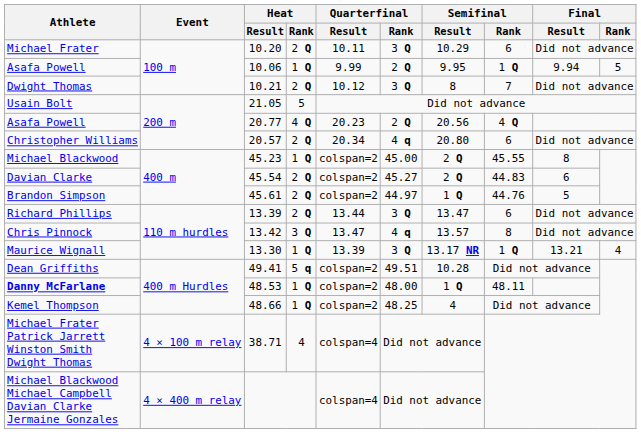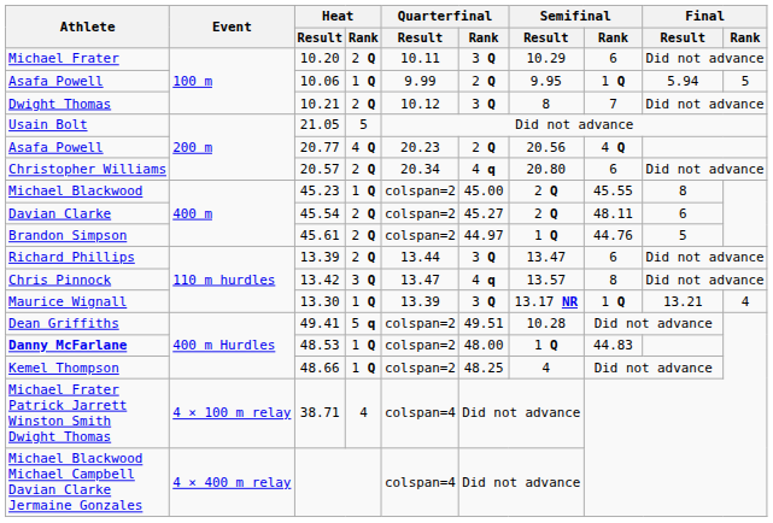 <table class=wikitable style="font-size:90%">
 <tr>
 <th rowspan="2">Athlete</th>
 <th rowspan="2">Event</th>
 <th colspan="2">Heat</th>
 <th colspan="2">Quarterfinal</th>
 <th colspan="2">Semifinal</th>
 <th colspan="2">Final</th>
 </tr>
 <tr style="font-size:95%">
 <th>Result</th>
 <th>Rank</th>
 <th>Result</th>
 <th>Rank</th>
 <th>Result</th>
 <th>Rank</th>
 <th>Result</th>
 <th>Rank</th>
 </tr>
 <tr align=center>
 <td align=left><a href='#'>Michael Frater</a></td>
 <td align=left rowspan=3><a href='#'>100 m</a></td>
 <td>10.20</td>
 <td>2 <strong>Q</strong></td>
 <td>10.11</td>
 <td>3 <strong>Q</strong></td>
 <td>10.29</td>
 <td>6</td>
 <td colspan=2>Did not advance</td>
 </tr>
 <tr align=center>
 <td align=left><a href='#'>Asafa Powell</a></td>
 <td>10.06</td>
 <td>1 <strong>Q</strong></td>
 <td>9.99</td>
 <td>2 <strong>Q</strong></td>
 <td>9.95</td>
 <td>1 <strong>Q</strong></td>
-<td>9.94</td>
+<td>5.94</td>
 <td>5</td>
 </tr>
 <tr align=center>
 <td align=left><a href='#'>Dwight Thomas</a></td>
 <td>10.21</td>
 <td>2 <strong>Q</strong></td>
 <td>10.12</td>
 <td>3 <strong>Q</strong></td>
 <td>8</td>
 <td>7</td>
 <td colspan=2>Did not advance</td>
 </tr>
 <tr align=center>
 <td align=left><a href='#'>Usain Bolt</a></td>
 <td align=left rowspan=3><a href='#'>200 m</a></td>
 <td>21.05</td>
 <td>5</td>
 <td colspan=6>Did not advance</td>
 </tr>
 <tr align=center>
 <td align=left><a href='#'>Asafa Powell</a></td>
 <td>20.77</td>
 <td>4 <strong>Q</strong></td>
 <td>20.23</td>
 <td>2 <strong>Q</strong></td>
 <td>20.56</td>
 <td>4 <strong>Q</strong></td>
 <td colspan=2></td>
 </tr>
 <tr align=center>
 <td align=left><a href='#'>Christopher Williams</a></td>
 <td>20.57</td>
 <td>2 <strong>Q</strong></td>
 <td>20.34</td>
 <td>4 <strong>q</strong></td>
 <td>20.80</td>
 <td>6</td>
 <td colspan=2>Did not advance</td>
 </tr>
 <tr align=center>
 <td align=left><a href='#'>Michael Blackwood</a></td>
 <td align=left rowspan=3><a href='#'>400 m</a></td>
 <td>45.23</td>
 <td>1 <strong>Q</strong></td>
 <td>colspan=2 </td>
 <td>45.00</td>
 <td>2 <strong>Q</strong></td>
 <td>45.55</td>
 <td>8</td>
 </tr>
 <tr align=center>
 <td align=left><a href='#'>Davian Clarke</a></td>
 <td>45.54</td>
 <td>2 <strong>Q</strong></td>
 <td>colspan=2 </td>
 <td>45.27</td>
 <td>2 <strong>Q</strong></td>
-<td>44.83</td>
+<td>48.11</td>
 <td>6</td>
 </tr>
 <tr align=center>
 <td align=left><a href='#'>Brandon Simpson</a></td>
 <td>45.61</td>
 <td>2 <strong>Q</strong></td>
 <td>colspan=2 </td>
 <td>44.97</td>
 <td>1 <strong>Q</strong></td>
 <td>44.76</td>
 <td>5</td>
 </tr>
 <tr align=center>
 <td align=left><a href='#'>Richard Phillips</a></td>
 <td align=left rowspan=3><a href='#'>110 m hurdles</a></td>
 <td>13.39</td>
 <td>2 <strong>Q</strong></td>
 <td>13.44</td>
 <td>3 <strong>Q</strong></td>
 <td>13.47</td>
 <td>6</td>
 <td colspan=2>Did not advance</td>
 </tr>
 <tr align=center>
 <td align=left><a href='#'>Chris Pinnock</a></td>
 <td>13.42</td>
 <td>3 <strong>Q</strong></td>
 <td>13.47</td>
 <td>4 <strong>q</strong></td>
 <td>13.57</td>
 <td>8</td>
 <td colspan=2>Did not advance</td>
 </tr>
 <tr align=center>
 <td align=left><a href='#'>Maurice Wignall</a></td>
 <td>13.30</td>
 <td>1 <strong>Q</strong></td>
 <td>13.39</td>
 <td>3 <strong>Q</strong></td>
 <td>13.17 <strong><a href='#'>NR</a></strong></td>
 <td>1 <strong>Q</strong></td>
 <td>13.21</td>
 <td>4</td>
 </tr>
 <tr align=center>
 <td align=left><a href='#'>Dean Griffiths</a></td>
 <td align=left rowspan=3><a href='#'>400 m Hurdles</a></td>
 <td>49.41</td>
 <td>5 <strong>q</strong></td>
 <td>colspan=2 </td>
 <td>49.51</td>
 <td>10.28</td>
 <td colspan=2>Did not advance</td>
 </tr>
 <tr align=center>
 <td align=left><strong><a href='#'>Danny McFarlane</a></strong></td>
 <td>48.53</td>
 <td>1 <strong>Q</strong></td>
 <td>colspan=2 </td>
 <td>48.00</td>
 <td>1 <strong>Q</strong></td>
-<td>48.11</td>
+<td>44.83</td>
 <td></td>
 </tr>
 <tr align=center>
 <td align=left><a href='#'>Kemel Thompson</a></td>
 <td>48.66</td>
 <td>1 <strong>Q</strong></td>
 <td>colspan=2 </td>
 <td>48.25</td>
 <td>4</td>
 <td colspan=2>Did not advance</td>
 </tr>
 <tr align=center>
 <td align=left><a href='#'>Michael Frater</a><br><a href='#'>Patrick Jarrett</a><br><a href='#'>Winston Smith</a><br><a href='#'>Dwight Thomas</a></td>
 <td align=left><a href='#'>4 × 100 m relay</a></td>
 <td>38.71</td>
 <td>4</td>
 <td>colspan=4 </td>
 <td colspan=2>Did not advance</td>
 </tr>
 <tr align=center>
 <td align=left><a href='#'>Michael Blackwood</a><br><a href='#'>Michael Campbell</a><br><a href='#'>Davian Clarke</a><br><a href='#'>Jermaine Gonzales</a></td>
 <td align=left><a href='#'>4 × 400 m relay</a></td>
 <td colspan=2></td>
 <td>colspan=4 </td>
 <td colspan=2>Did not advance</td>
 </tr>
 </table>
